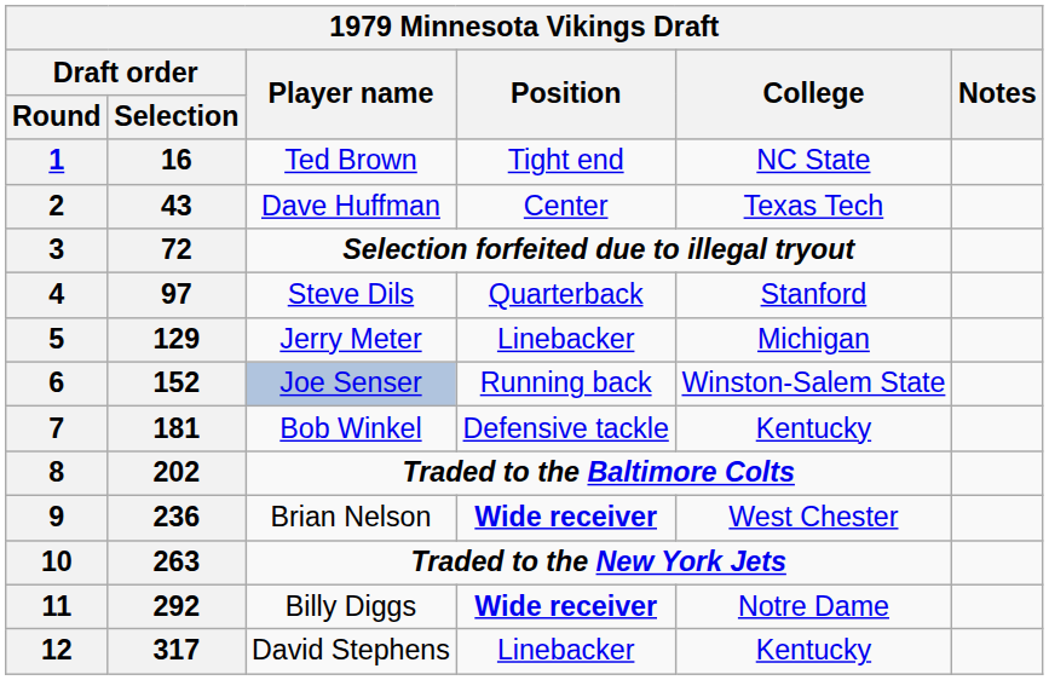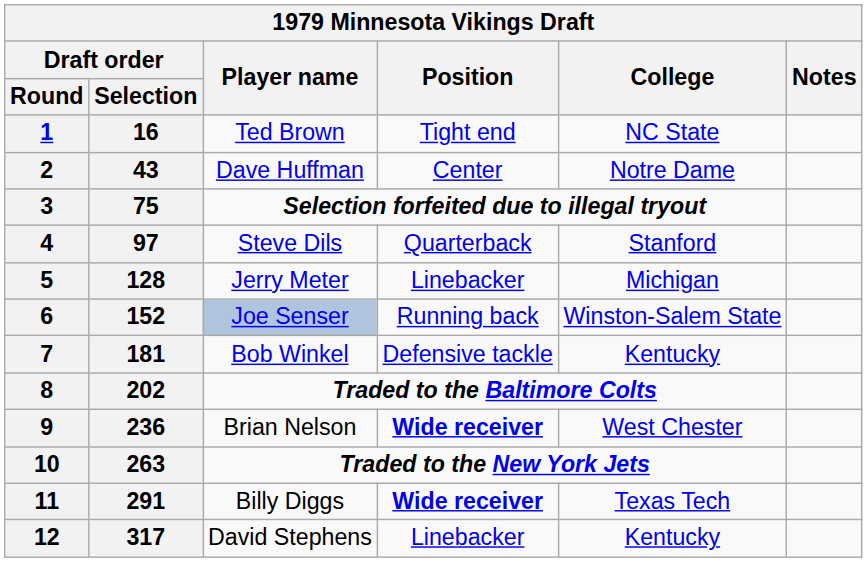 <table class="wikitable" style="text-align:center">
 <tr>
 <th colspan="6">1979 Minnesota Vikings Draft</th>
 </tr>
 <tr>
 <th colspan="2">Draft order</th>
 <th rowspan="2">Player name</th>
 <th rowspan="2">Position</th>
 <th rowspan="2">College</th>
 <th rowspan="2">Notes</th>
 </tr>
 <tr>
 <th>Round</th>
 <th>Selection</th>
 </tr>
 <tr>
 <th><a href='#'>1</a></th>
 <th>16</th>
 <td><a href='#'>Ted Brown</a></td>
 <td><a href='#'>Tight end</a></td>
 <td><a href='#'>NC State</a></td>
 <td></td>
 </tr>
 <tr>
 <th>2</th>
 <th>43</th>
 <td><a href='#'>Dave Huffman</a></td>
 <td><a href='#'>Center</a></td>
-<td><a href='#'>Texas Tech</a></td>
+<td><a href='#'>Notre Dame</a></td>
 <td></td>
 </tr>
 <tr>
 <th>3</th>
-<th>72</th>
+<th>75</th>
 <td colspan="3"><strong><em> Selection forfeited due to illegal tryout</em></strong></td>
 <td></td>
 </tr>
 <tr>
 <th>4</th>
 <th>97</th>
 <td><a href='#'>Steve Dils</a></td>
 <td><a href='#'>Quarterback</a></td>
 <td><a href='#'>Stanford</a></td>
 <td></td>
 </tr>
 <tr>
 <th>5</th>
-<th>129</th>
+<th>128</th>
 <td><a href='#'>Jerry Meter</a></td>
 <td><a href='#'>Linebacker</a></td>
 <td><a href='#'>Michigan</a></td>
 <td></td>
 </tr>
 <tr>
 <th>6</th>
 <th>152</th>
 <td bgcolor=lightsteelblue><a href='#'>Joe Senser</a></td>
 <td><a href='#'>Running back</a></td>
 <td><a href='#'>Winston-Salem State</a></td>
 <td></td>
 </tr>
 <tr>
 <th>7</th>
 <th>181</th>
 <td><a href='#'>Bob Winkel</a></td>
 <td><a href='#'>Defensive tackle</a></td>
 <td><a href='#'>Kentucky</a></td>
 <td></td>
 </tr>
 <tr>
 <th>8</th>
 <th>202</th>
 <td colspan="3"><strong><em>Traded to the <a href='#'>Baltimore Colts</a></em></strong></td>
 <td></td>
 </tr>
 <tr>
 <th>9</th>
 <th>236</th>
 <td>Brian Nelson</td>
 <td><strong><a href='#'>Wide receiver</a></strong></td>
 <td><a href='#'>West Chester</a></td>
 <td></td>
 </tr>
 <tr>
 <th>10</th>
 <th>263</th>
 <td colspan="3"><strong><em>Traded to the <a href='#'>New York Jets</a></em></strong></td>
 <td></td>
 </tr>
 <tr>
 <th>11</th>
-<th>292</th>
+<th>291</th>
 <td>Billy Diggs</td>
 <td><strong><a href='#'>Wide receiver</a></strong></td>
-<td><a href='#'>Notre Dame</a></td>
+<td><a href='#'>Texas Tech</a></td>
 <td></td>
 </tr>
 <tr>
 <th>12</th>
 <th>317</th>
 <td>David Stephens</td>
 <td><a href='#'>Linebacker</a></td>
 <td><a href='#'>Kentucky</a></td>
 <td></td>
 </tr>
 </table>
